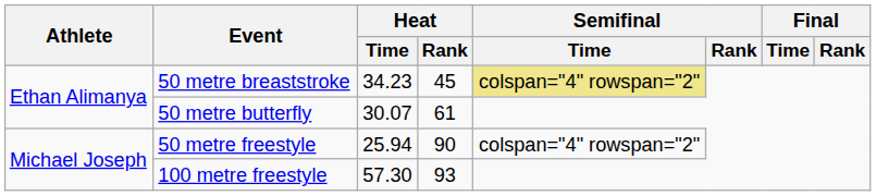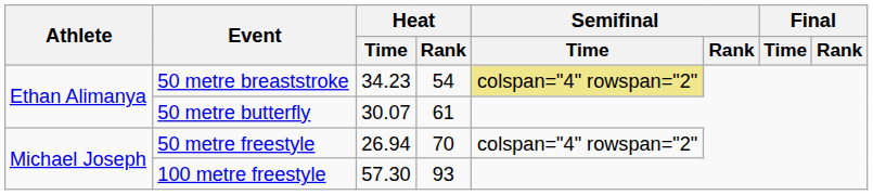 <table class="wikitable" style="text-align:center; font-size:90%; width:50%;">
 <tr>
 <th rowspan="2">Athlete</th>
 <th rowspan="2">Event</th>
 <th colspan="2">Heat</th>
 <th colspan="2">Semifinal</th>
 <th colspan="2">Final</th>
 </tr>
 <tr style="font-size:95%">
 <th>Time</th>
 <th>Rank</th>
 <th>Time</th>
 <th>Rank</th>
 <th>Time</th>
 <th>Rank</th>
 </tr>
 <tr align=center>
 <td align=left rowspan="2"><a href='#'>Ethan Alimanya</a></td>
 <td align=left><a href='#'>50 metre breaststroke</a></td>
 <td>34.23</td>
-<td>45</td>
+<td>54</td>
 <td style="background: khaki;">colspan="4" rowspan="2"</td>
 </tr>
 <tr align=center>
 <td align=left><a href='#'>50 metre butterfly</a></td>
 <td>30.07</td>
 <td>61</td>
 </tr>
 <tr align=center>
 <td align=left rowspan="2"><a href='#'>Michael Joseph</a></td>
 <td align=left><a href='#'>50 metre freestyle</a></td>
-<td>25.94</td>
-<td>90</td>
+<td>26.94</td>
+<td>70</td>
 <td>colspan="4" rowspan="2"</td>
 </tr>
 <tr align=center>
 <td align=left><a href='#'>100 metre freestyle</a></td>
 <td>57.30</td>
 <td>93</td>
 </tr>
 </table>
